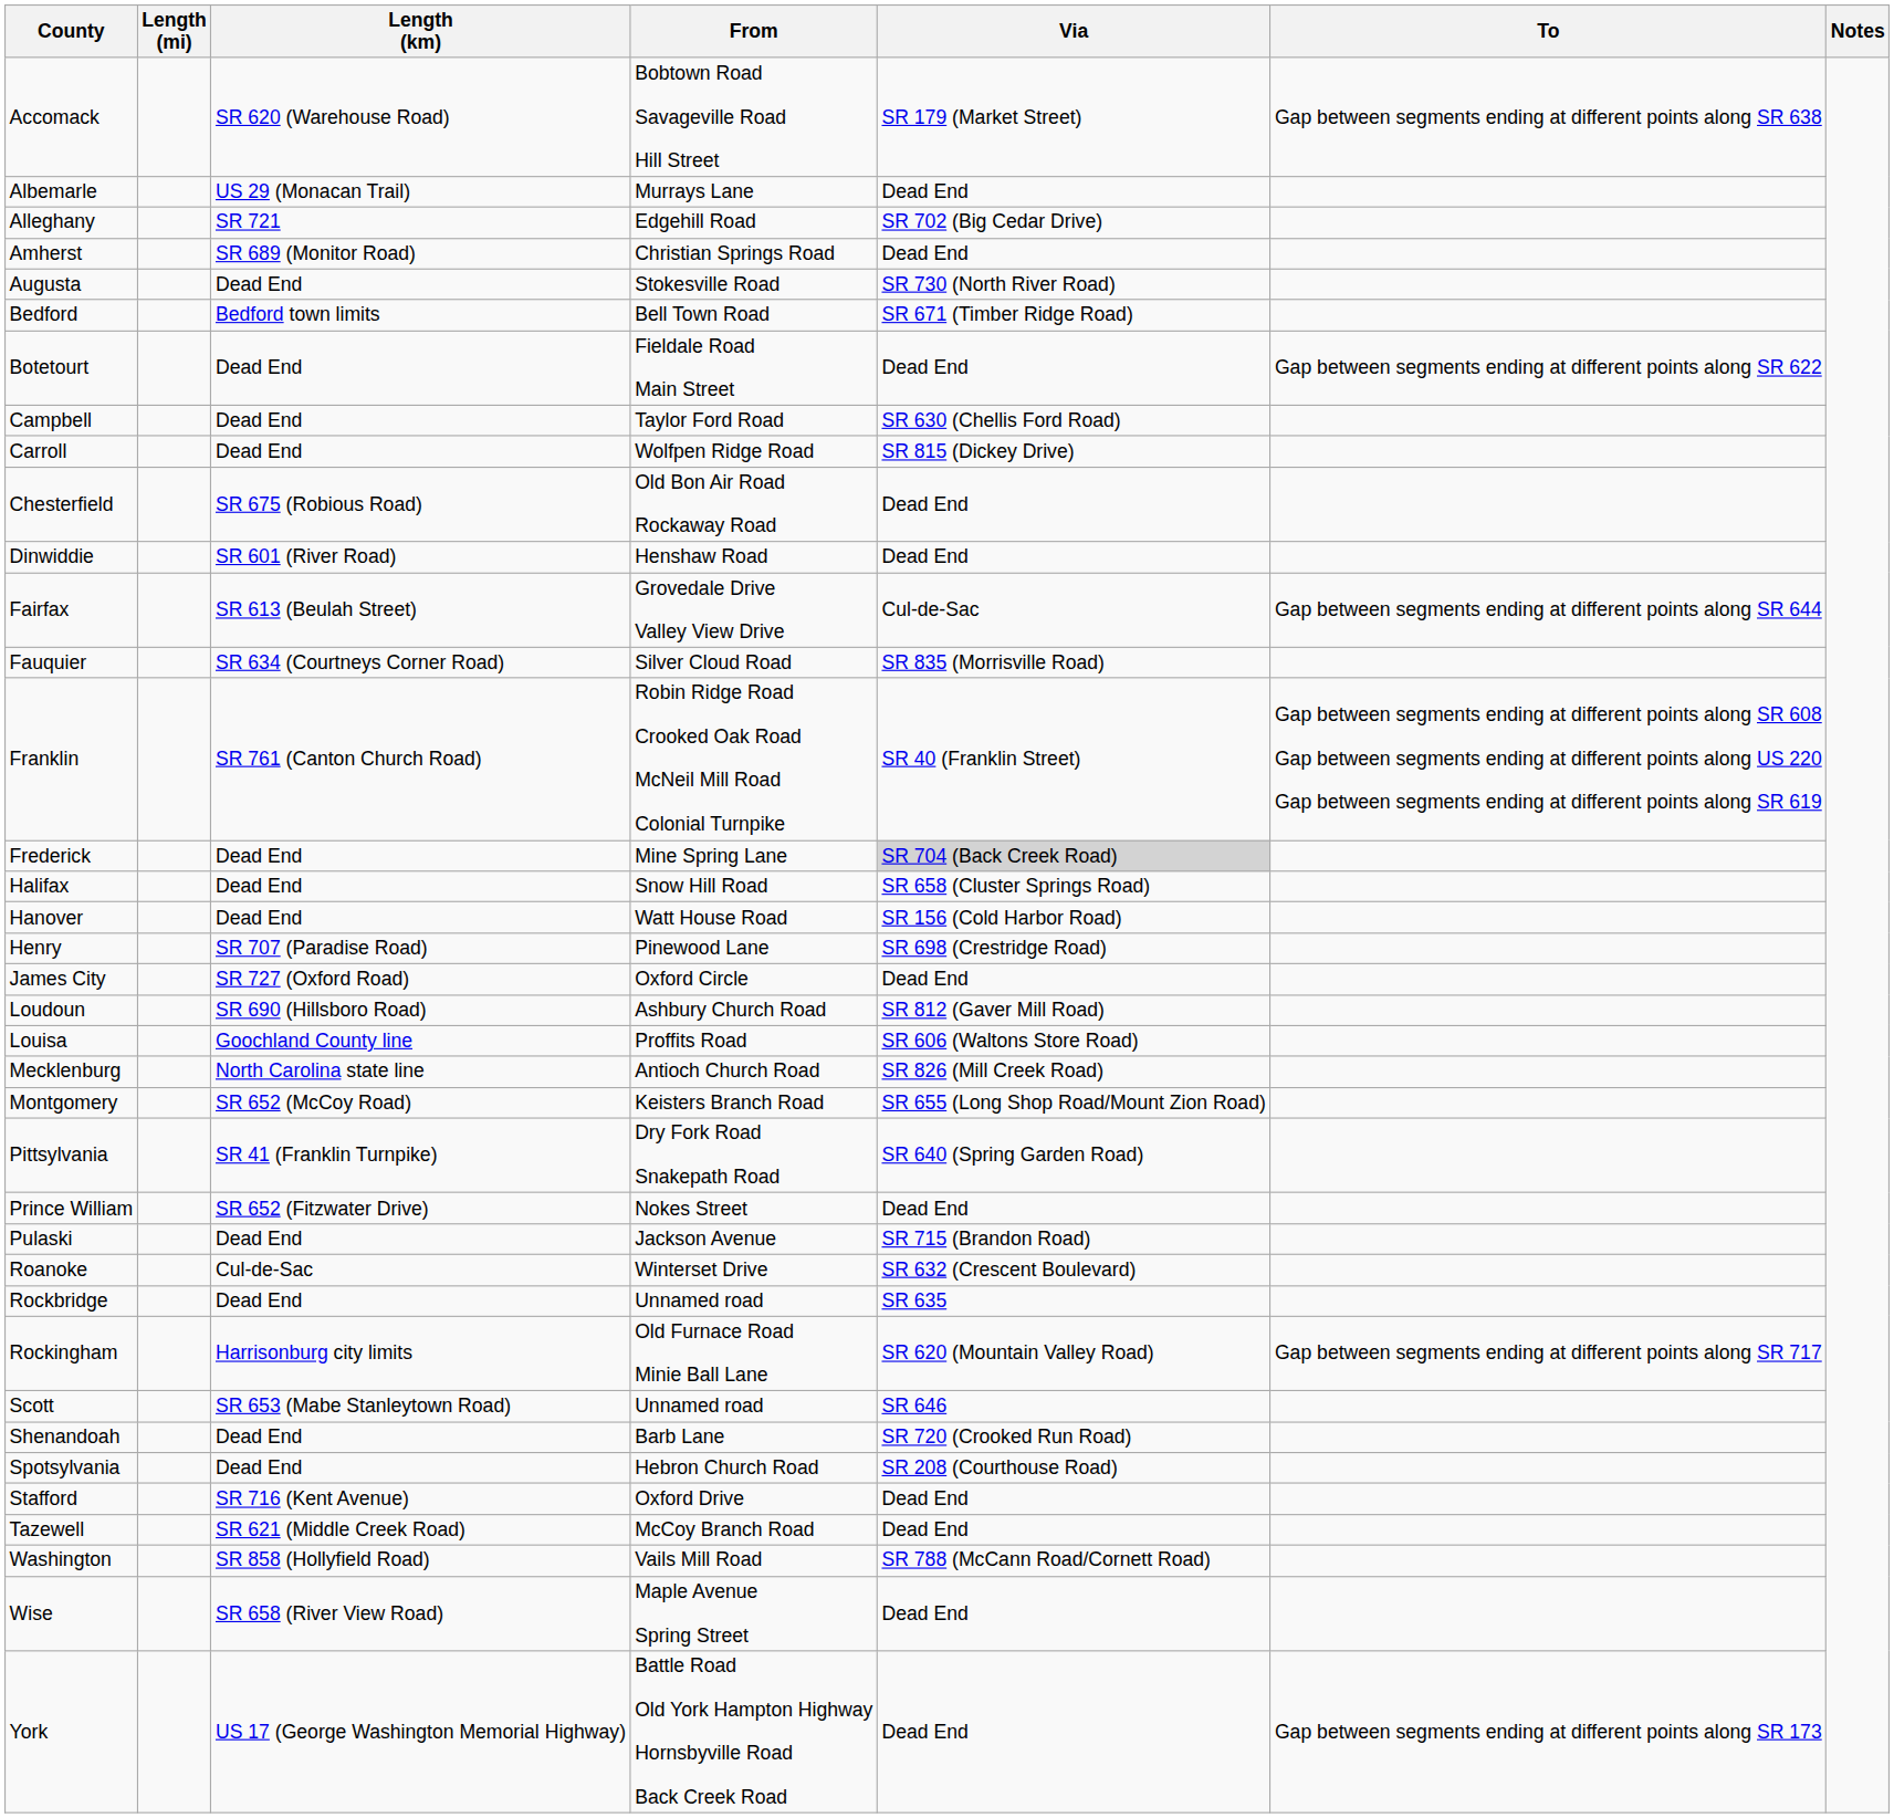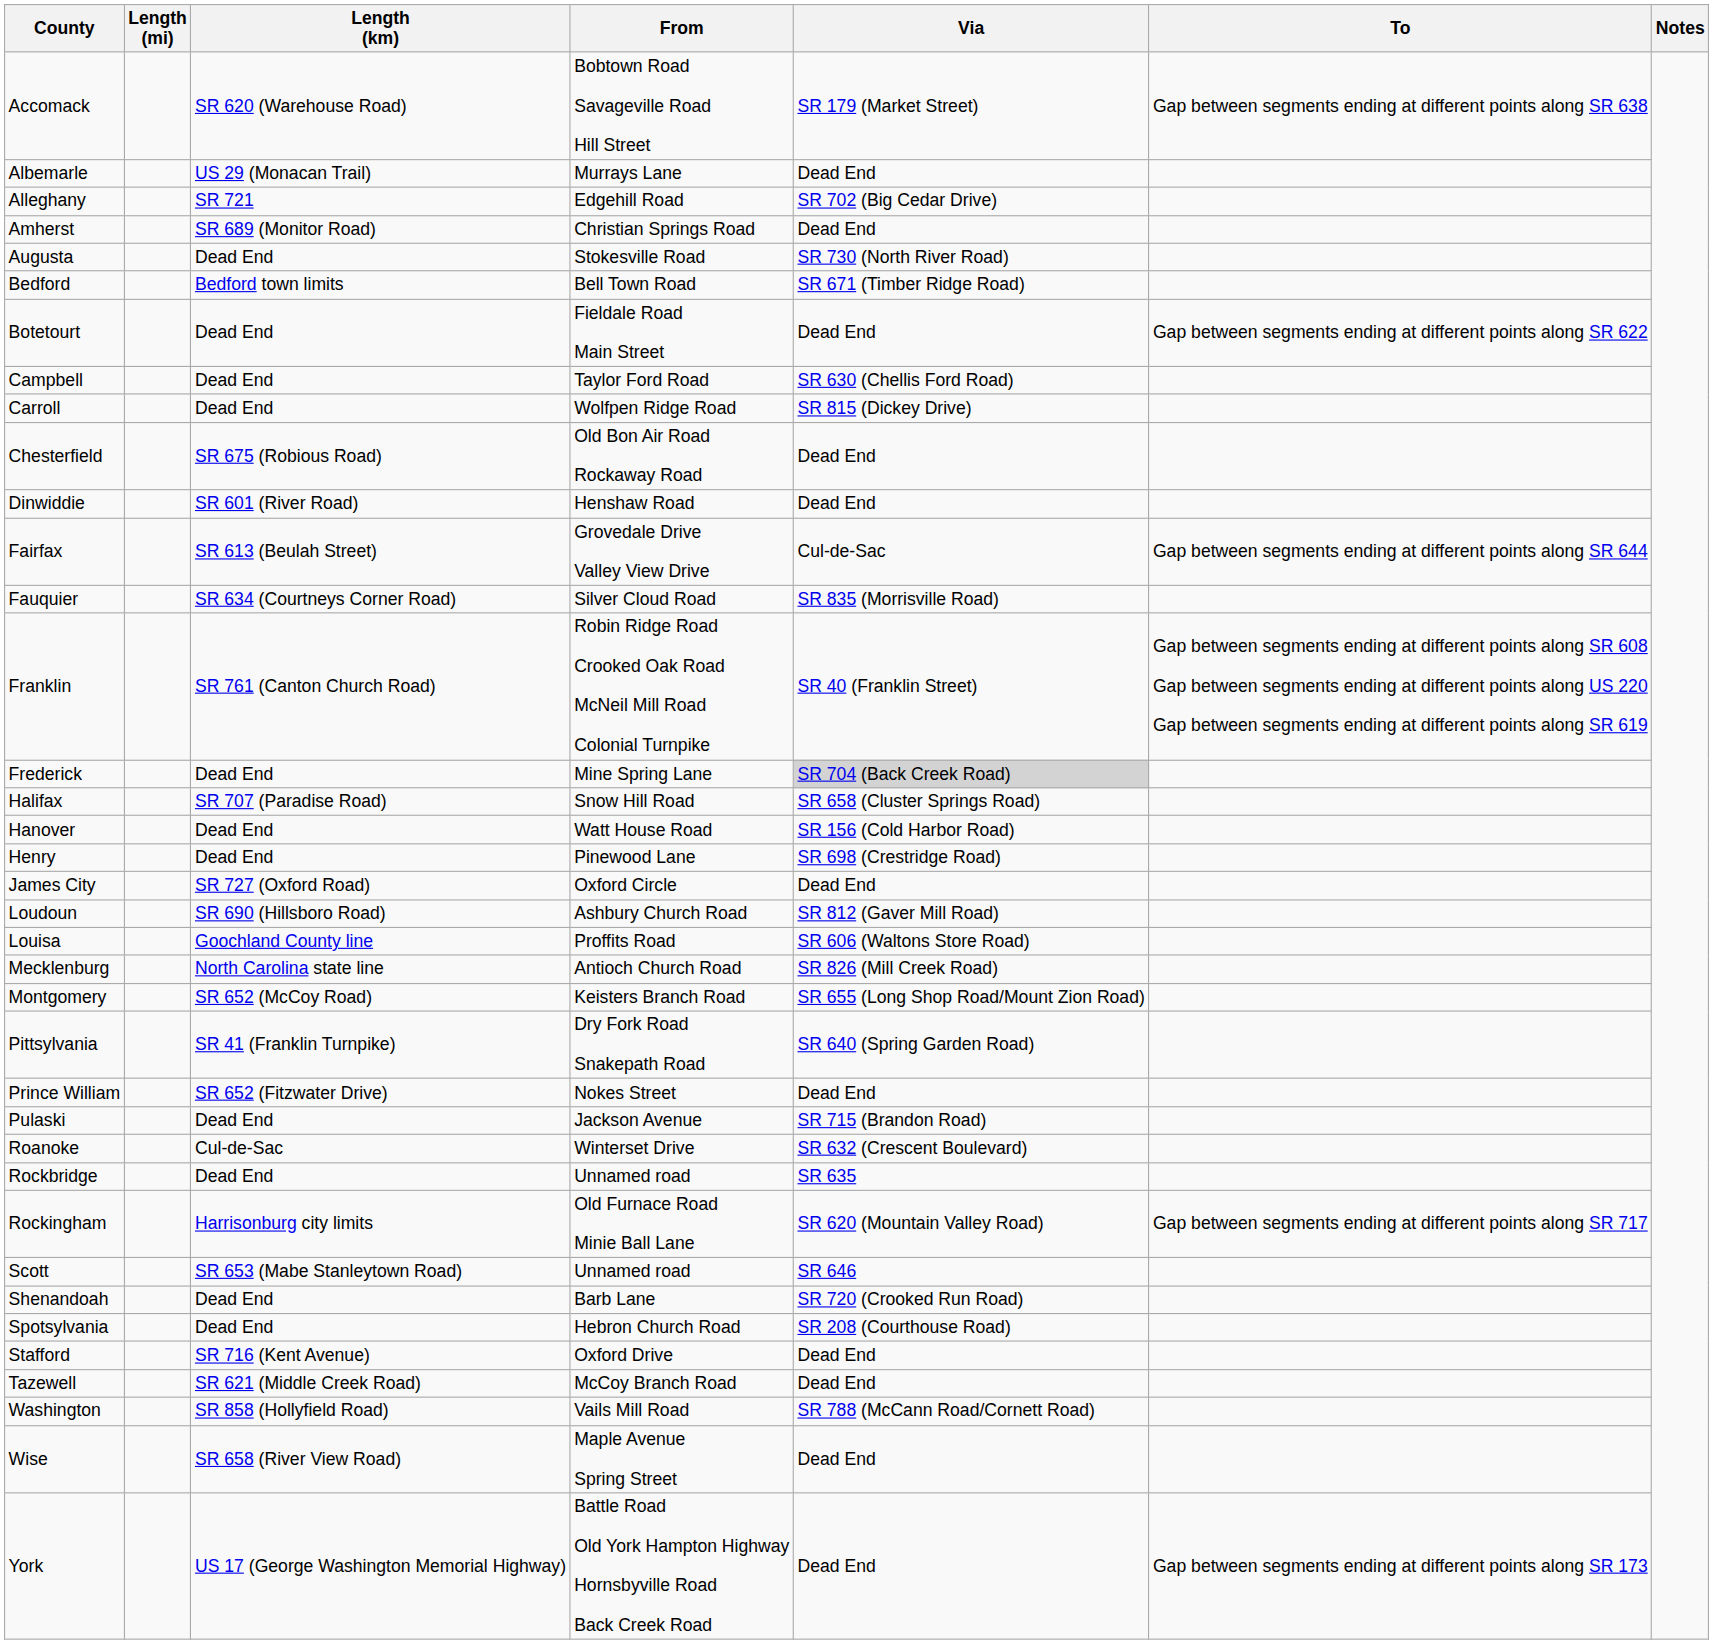 <table class="wikitable sortable">
 <tr>
 <th>County</th>
 <th>Length<br>(mi)</th>
 <th>Length<br>(km)</th>
 <th class="unsortable">From</th>
 <th class="unsortable">Via</th>
 <th class="unsortable">To</th>
 <th class="unsortable">Notes</th>
 </tr>
 <tr>
 <td id="Accomack">Accomack</td>
 <td></td>
 <td><a href='#'>SR 620</a> (Warehouse Road)</td>
 <td>Bobtown Road<br><br>Savageville Road<br><br>Hill Street</td>
 <td><a href='#'>SR 179</a> (Market Street)</td>
 <td>Gap between segments ending at different points along <a href='#'>SR 638</a></td>
 </tr>
 <tr>
 <td id="Albemarle">Albemarle</td>
 <td></td>
 <td><a href='#'>US 29</a> (Monacan Trail)</td>
 <td>Murrays Lane</td>
 <td>Dead End</td>
 <td></td>
 </tr>
 <tr>
 <td id="Alleghany">Alleghany</td>
 <td></td>
 <td><a href='#'>SR 721</a></td>
 <td>Edgehill Road</td>
 <td><a href='#'>SR 702</a> (Big Cedar Drive)</td>
 <td><br></td>
 </tr>
 <tr>
 <td id="Amherst">Amherst</td>
 <td></td>
 <td><a href='#'>SR 689</a> (Monitor Road)</td>
 <td>Christian Springs Road</td>
 <td>Dead End</td>
 <td><br> </td>
 </tr>
 <tr>
 <td id="Augusta">Augusta</td>
 <td></td>
 <td>Dead End</td>
 <td>Stokesville Road</td>
 <td><a href='#'>SR 730</a> (North River Road)</td>
 <td><br></td>
 </tr>
 <tr>
 <td id="Bedford">Bedford</td>
 <td></td>
 <td><a href='#'>Bedford</a> town limits</td>
 <td>Bell Town Road</td>
 <td><a href='#'>SR 671</a> (Timber Ridge Road)</td>
 <td><br></td>
 </tr>
 <tr>
 <td id="Botetourt">Botetourt</td>
 <td></td>
 <td>Dead End</td>
 <td>Fieldale Road<br><br>Main Street</td>
 <td>Dead End</td>
 <td>Gap between segments ending at different points along <a href='#'>SR 622</a><br>  </td>
 </tr>
 <tr>
 <td id="Campbell">Campbell</td>
 <td></td>
 <td>Dead End</td>
 <td>Taylor Ford Road</td>
 <td><a href='#'>SR 630</a> (Chellis Ford Road)</td>
 <td><br></td>
 </tr>
 <tr>
 <td id="Carroll">Carroll</td>
 <td></td>
 <td>Dead End</td>
 <td>Wolfpen Ridge Road</td>
 <td><a href='#'>SR 815</a> (Dickey Drive)</td>
 <td><br> </td>
 </tr>
 <tr>
 <td id="Chesterfield">Chesterfield</td>
 <td></td>
 <td><a href='#'>SR 675</a> (Robious Road)</td>
 <td>Old Bon Air Road<br><br>Rockaway Road</td>
 <td>Dead End</td>
 <td><br>    </td>
 </tr>
 <tr>
 <td id="Dinwiddie">Dinwiddie</td>
 <td></td>
 <td><a href='#'>SR 601</a> (River Road)</td>
 <td>Henshaw Road</td>
 <td>Dead End</td>
 <td><br></td>
 </tr>
 <tr>
 <td id="Fairfax">Fairfax</td>
 <td></td>
 <td><a href='#'>SR 613</a> (Beulah Street)</td>
 <td>Grovedale Drive<br><br>Valley View Drive</td>
 <td>Cul-de-Sac</td>
 <td>Gap between segments ending at different points along <a href='#'>SR 644</a></td>
 </tr>
 <tr>
 <td id="Fauquier">Fauquier</td>
 <td></td>
 <td><a href='#'>SR 634</a> (Courtneys Corner Road)</td>
 <td>Silver Cloud Road</td>
 <td><a href='#'>SR 835</a> (Morrisville Road)</td>
 <td><br> </td>
 </tr>
 <tr>
 <td id="Franklin">Franklin</td>
 <td></td>
 <td><a href='#'>SR 761</a> (Canton Church Road)</td>
 <td>Robin Ridge Road<br><br>Crooked Oak Road<br><br>McNeil Mill Road<br><br>Colonial Turnpike</td>
 <td><a href='#'>SR 40</a> (Franklin Street)</td>
 <td>Gap between segments ending at different points along <a href='#'>SR 608</a><br><br>Gap between segments ending at different points along <a href='#'>US 220</a><br><br>Gap between segments ending at different points along <a href='#'>SR 619</a></td>
 </tr>
 <tr>
 <td id="Frederick">Frederick</td>
 <td></td>
 <td>Dead End</td>
 <td>Mine Spring Lane</td>
 <td style="background: lightgrey;"><a href='#'>SR 704</a> (Back Creek Road)</td>
 <td><br>     </td>
 </tr>
 <tr>
 <td id="Halifax">Halifax</td>
 <td></td>
-<td>Dead End</td>
+<td><a href='#'>SR 707</a> (Paradise Road)</td>
 <td>Snow Hill Road</td>
 <td><a href='#'>SR 658</a> (Cluster Springs Road)</td>
 <td></td>
 </tr>
 <tr>
 <td id="Hanover">Hanover</td>
 <td></td>
 <td>Dead End</td>
 <td>Watt House Road</td>
 <td><a href='#'>SR 156</a> (Cold Harbor Road)</td>
 <td><br></td>
 </tr>
 <tr>
 <td id="Henry">Henry</td>
 <td></td>
-<td><a href='#'>SR 707</a> (Paradise Road)</td>
+<td>Dead End</td>
 <td>Pinewood Lane</td>
 <td><a href='#'>SR 698</a> (Crestridge Road)</td>
 <td><br> </td>
 </tr>
 <tr>
 <td id="James City">James City</td>
 <td></td>
 <td><a href='#'>SR 727</a> (Oxford Road)</td>
 <td>Oxford Circle</td>
 <td>Dead End</td>
 <td><br>    </td>
 </tr>
 <tr>
 <td id="Loudoun">Loudoun</td>
 <td></td>
 <td><a href='#'>SR 690</a> (Hillsboro Road)</td>
 <td>Ashbury Church Road</td>
 <td><a href='#'>SR 812</a> (Gaver Mill Road)</td>
 <td></td>
 </tr>
 <tr>
 <td id="Louisa">Louisa</td>
 <td></td>
 <td><a href='#'>Goochland County line</a></td>
 <td>Proffits Road</td>
 <td><a href='#'>SR 606</a> (Waltons Store Road)</td>
 <td><br>  </td>
 </tr>
 <tr>
 <td id="Mecklenburg">Mecklenburg</td>
 <td></td>
 <td><a href='#'>North Carolina</a> state line</td>
 <td>Antioch Church Road</td>
 <td><a href='#'>SR 826</a> (Mill Creek Road)</td>
 <td><br></td>
 </tr>
 <tr>
 <td id="Montgomery">Montgomery</td>
 <td></td>
 <td><a href='#'>SR 652</a> (McCoy Road)</td>
 <td>Keisters Branch Road</td>
 <td><a href='#'>SR 655</a> (Long Shop Road/Mount Zion Road)</td>
 <td><br>       </td>
 </tr>
 <tr>
 <td id="Pittsylvania">Pittsylvania</td>
 <td></td>
 <td><a href='#'>SR 41</a> (Franklin Turnpike)</td>
 <td>Dry Fork Road<br><br>Snakepath Road</td>
 <td><a href='#'>SR 640</a> (Spring Garden Road)</td>
 <td><br>  </td>
 </tr>
 <tr>
 <td id="Prince William">Prince William</td>
 <td></td>
 <td><a href='#'>SR 652</a> (Fitzwater Drive)</td>
 <td>Nokes Street</td>
 <td>Dead End</td>
 <td></td>
 </tr>
 <tr>
 <td id="Pulaski">Pulaski</td>
 <td></td>
 <td>Dead End</td>
 <td>Jackson Avenue</td>
 <td><a href='#'>SR 715</a> (Brandon Road)</td>
 <td><br> </td>
 </tr>
 <tr>
 <td id="Roanoke">Roanoke</td>
 <td></td>
 <td>Cul-de-Sac</td>
 <td>Winterset Drive</td>
 <td><a href='#'>SR 632</a> (Crescent Boulevard)</td>
 <td></td>
 </tr>
 <tr>
 <td id="Rockbridge">Rockbridge</td>
 <td></td>
 <td>Dead End</td>
 <td>Unnamed road</td>
 <td><a href='#'>SR 635</a></td>
 <td></td>
 </tr>
 <tr>
 <td id="Rockingham">Rockingham</td>
 <td></td>
 <td><a href='#'>Harrisonburg</a> city limits</td>
 <td>Old Furnace Road<br><br>Minie Ball Lane</td>
 <td><a href='#'>SR 620</a> (Mountain Valley Road)</td>
 <td>Gap between segments ending at different points along <a href='#'>SR 717</a><br></td>
 </tr>
 <tr>
 <td id="Scott">Scott</td>
 <td></td>
 <td><a href='#'>SR 653</a> (Mabe Stanleytown Road)</td>
 <td>Unnamed road</td>
 <td><a href='#'>SR 646</a></td>
 <td></td>
 </tr>
 <tr>
 <td id="Shenandoah">Shenandoah</td>
 <td></td>
 <td>Dead End</td>
 <td>Barb Lane</td>
 <td><a href='#'>SR 720</a> (Crooked Run Road)</td>
 <td><br> </td>
 </tr>
 <tr>
 <td id="Spotsylvania">Spotsylvania</td>
 <td></td>
 <td>Dead End</td>
 <td>Hebron Church Road</td>
 <td><a href='#'>SR 208</a> (Courthouse Road)</td>
 <td></td>
 </tr>
 <tr>
 <td id="Stafford">Stafford</td>
 <td></td>
 <td><a href='#'>SR 716</a> (Kent Avenue)</td>
 <td>Oxford Drive</td>
 <td>Dead End</td>
 <td><br> </td>
 </tr>
 <tr>
 <td id="Tazewell">Tazewell</td>
 <td></td>
 <td><a href='#'>SR 621</a> (Middle Creek Road)</td>
 <td>McCoy Branch Road</td>
 <td>Dead End</td>
 <td><br></td>
 </tr>
 <tr>
 <td id="Washington">Washington</td>
 <td></td>
 <td><a href='#'>SR 858</a> (Hollyfield Road)</td>
 <td>Vails Mill Road</td>
 <td><a href='#'>SR 788</a> (McCann Road/Cornett Road)</td>
 <td><br></td>
 </tr>
 <tr>
 <td id="Wise">Wise</td>
 <td></td>
 <td><a href='#'>SR 658</a> (River View Road)</td>
 <td>Maple Avenue<br><br>Spring Street</td>
 <td>Dead End</td>
 <td><br></td>
 </tr>
 <tr>
 <td id="York">York</td>
 <td></td>
 <td><a href='#'>US 17</a> (George Washington Memorial Highway)</td>
 <td>Battle Road<br><br>Old York Hampton Highway<br><br>Hornsbyville Road<br><br>Back Creek Road</td>
 <td>Dead End</td>
 <td>Gap between segments ending at different points along <a href='#'>SR 173</a></td>
 </tr>
 </table>
